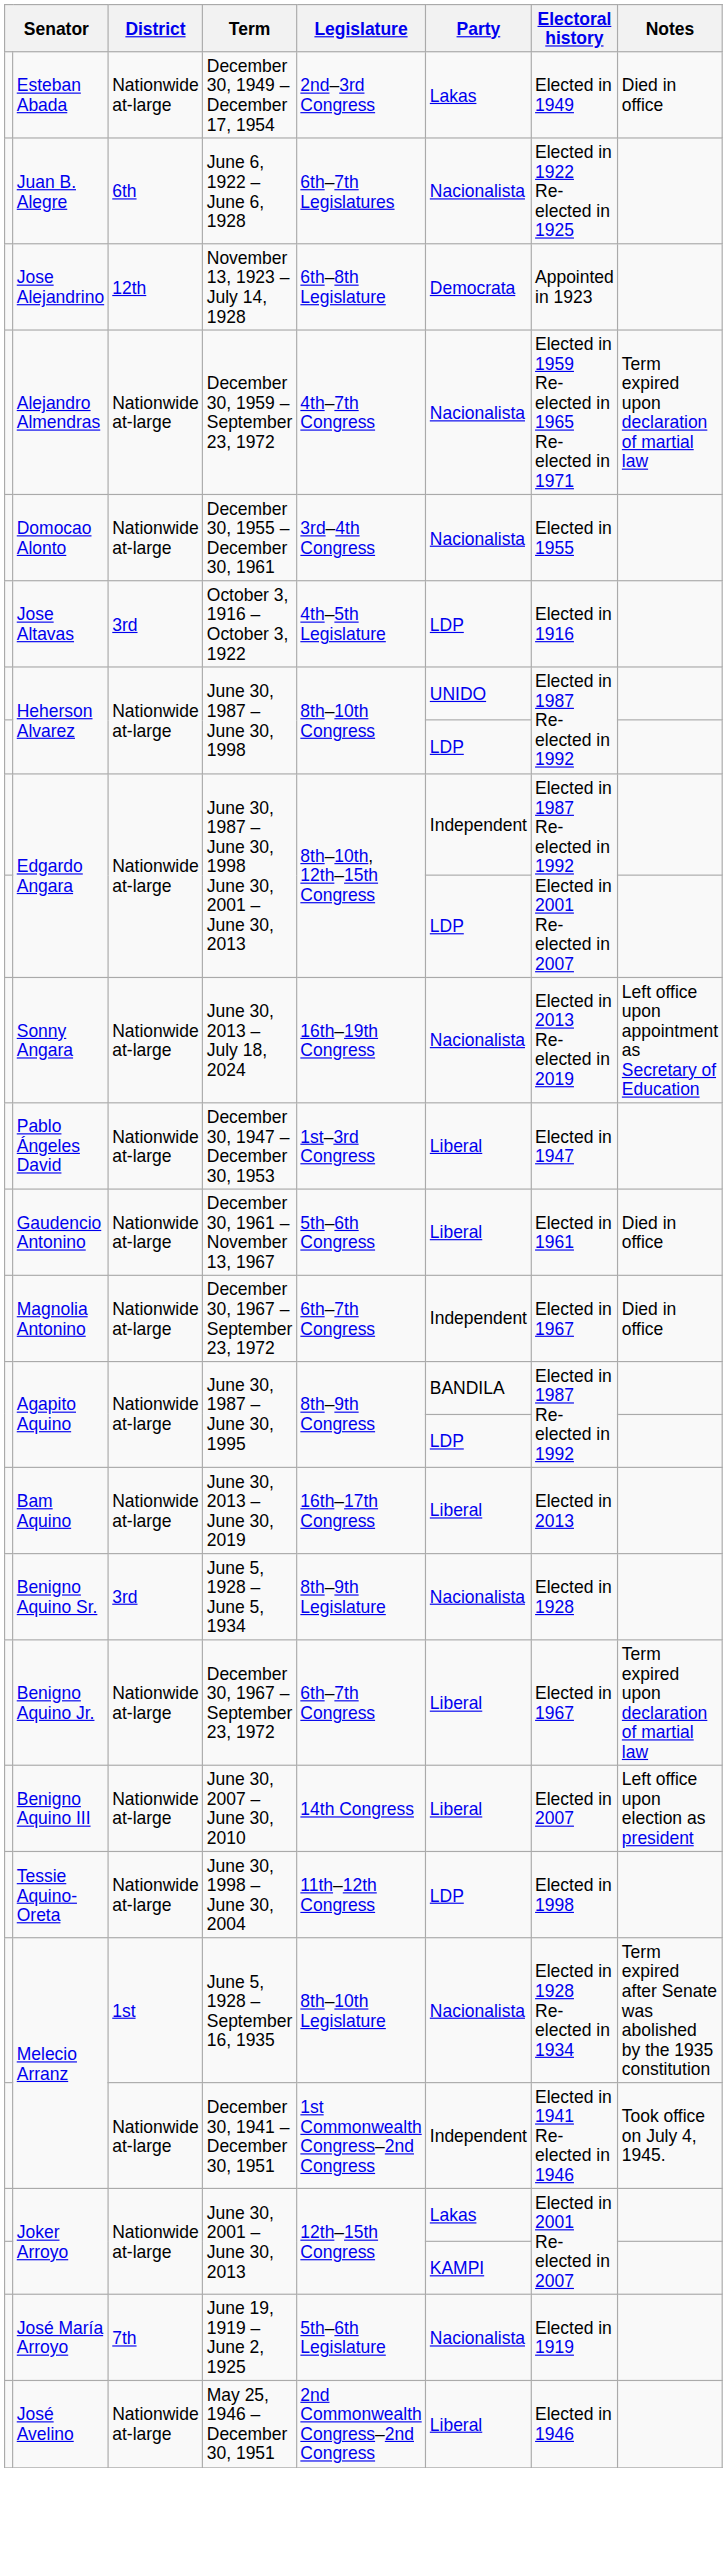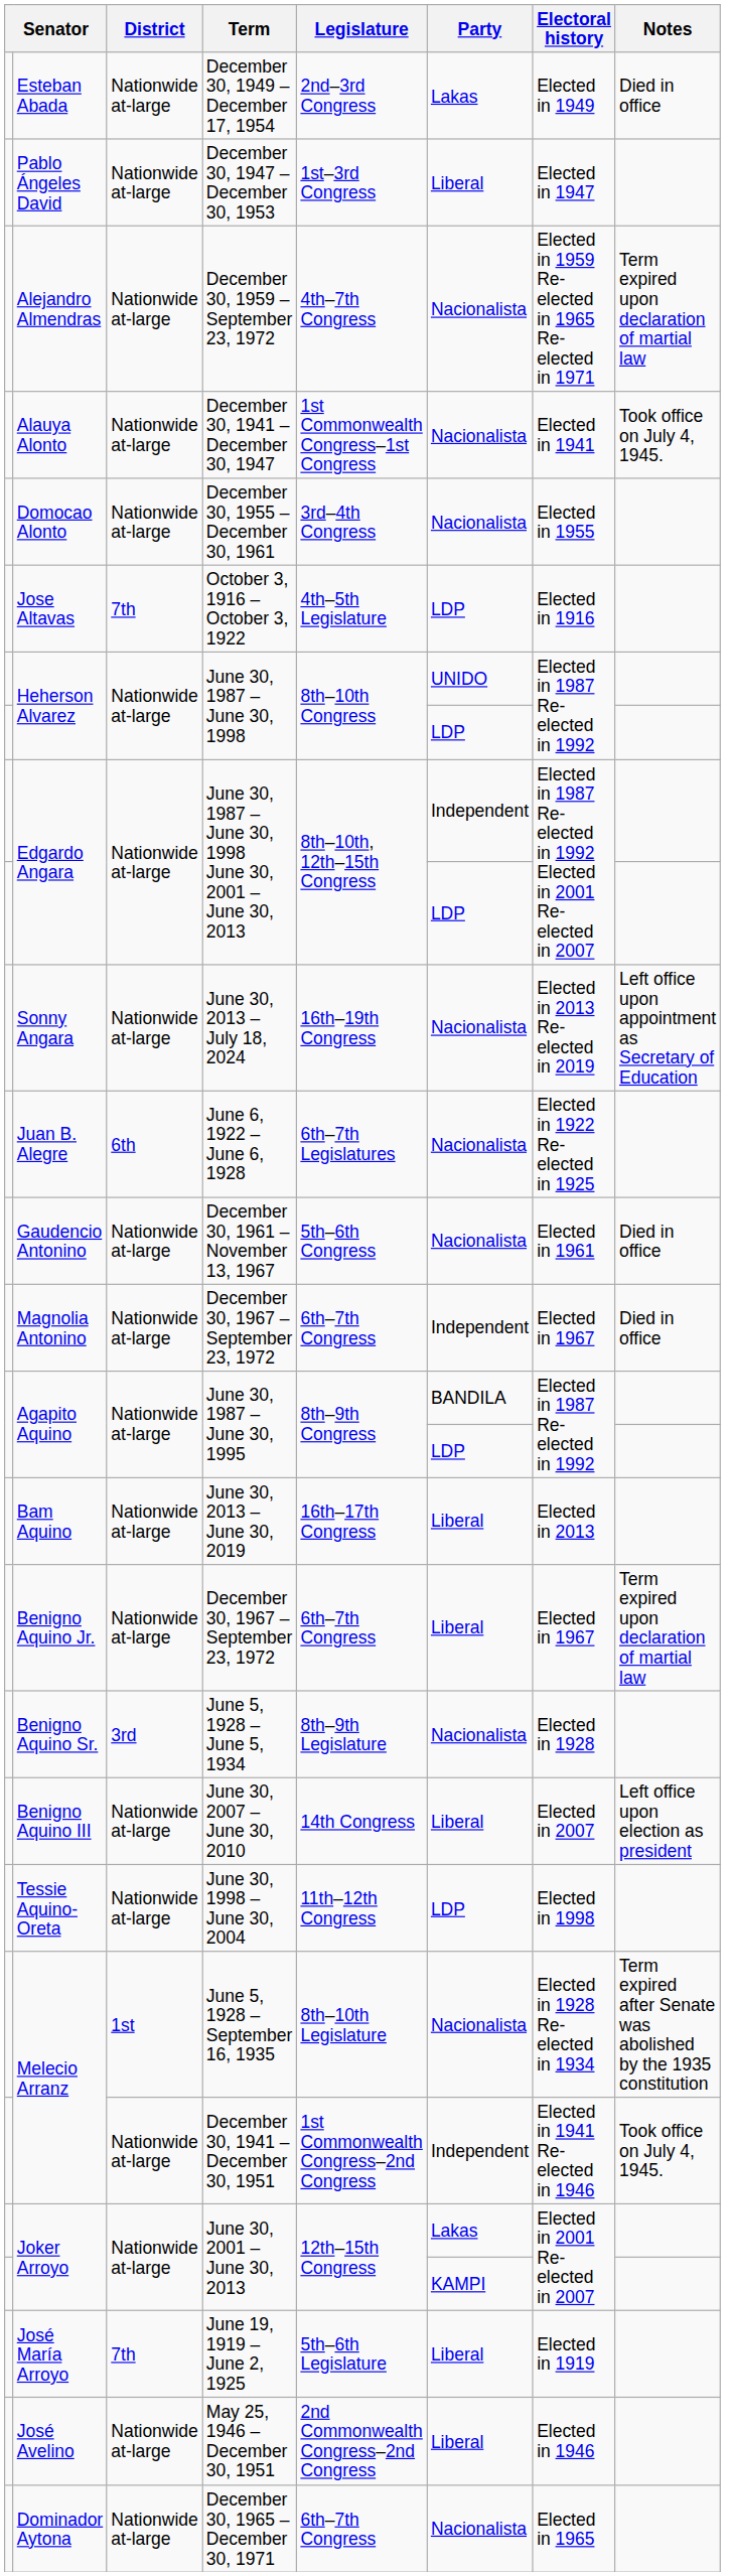 <table class="wikitable" style="font-size:95%" width=99%>
 <tr>
 <th width=15% colspan="2">Senator</th>
 <th width=8%><a href='#'>District</a></th>
 <th width=25%>Term</th>
 <th width=12%><a href='#'>Legislature</a></th>
 <th width=10%><a href='#'>Party</a></th>
 <th width=12.5%><a href='#'>Electoral history</a></th>
 <th width=17.5%>Notes</th>
 </tr>
 <tr>
 <td width=1% style="background-color:"></td>
 <td><a href='#'>Esteban Abada</a></td>
 <td>Nationwide at-large</td>
 <td>December 30, 1949 – December 17, 1954</td>
 <td><a href='#'>2nd</a>–<a href='#'>3rd Congress</a></td>
 <td><a href='#'>Lakas</a></td>
 <td>Elected in <a href='#'>1949</a></td>
 <td>Died in office</td>
 </tr>
 <tr>
-<td style="background-color:"></td>
-<td><a href='#'>Juan B. Alegre</a></td>
-<td><a href='#'>6th</a></td>
-<td>June 6, 1922 – June 6, 1928</td>
-<td><a href='#'>6th</a>–<a href='#'>7th Legislatures</a></td>
-<td><a href='#'>Nacionalista</a></td>
-<td>Elected in <a href='#'>1922</a><br> Re-elected in <a href='#'>1925</a></td>
-<td></td>
-</tr>
-<tr>
-<td style="background-color:"></td>
-<td><a href='#'>Jose Alejandrino</a></td>
-<td><a href='#'>12th</a></td>
-<td>November 13, 1923 – July 14, 1928</td>
-<td><a href='#'>6th</a>–<a href='#'>8th Legislature</a></td>
-<td><a href='#'>Democrata</a></td>
-<td>Appointed in 1923</td>
+<td width=1% style="background-color:"></td>
+<td><a href='#'>Pablo Ángeles David</a></td>
+<td>Nationwide at-large</td>
+<td>December 30, 1947 – December 30, 1953</td>
+<td><a href='#'>1st</a>–<a href='#'>3rd Congress</a></td>
+<td><a href='#'>Liberal</a></td>
+<td>Elected in <a href='#'>1947</a></td>
 <td></td>
 </tr>
 <tr>
 <td style="background-color:"></td>
 <td><a href='#'>Alejandro Almendras</a></td>
 <td>Nationwide at-large</td>
 <td>December 30, 1959 – September 23, 1972</td>
 <td><a href='#'>4th</a>–<a href='#'>7th Congress</a></td>
 <td><a href='#'>Nacionalista</a></td>
 <td>Elected in <a href='#'>1959</a><br>Re-elected in <a href='#'>1965</a><br>Re-elected in <a href='#'>1971</a></td>
 <td>Term expired upon <a href='#'>declaration of martial law</a></td>
 </tr>
 <tr>
 <td style="background-color:"></td>
+<td><a href='#'>Alauya Alonto</a></td>
+<td>Nationwide at-large</td>
+<td>December 30, 1941 – December 30, 1947</td>
+<td><a href='#'>1st Commonwealth Congress</a>–<a href='#'>1st Congress</a></td>
+<td><a href='#'>Nacionalista</a></td>
+<td>Elected in <a href='#'>1941</a></td>
+<td>Took office on July 4, 1945.</td>
+</tr>
+<tr>
+<td style="background-color:"></td>
 <td><a href='#'>Domocao Alonto</a></td>
 <td>Nationwide at-large</td>
 <td>December 30, 1955 – December 30, 1961</td>
 <td><a href='#'>3rd</a>–<a href='#'>4th Congress</a></td>
 <td><a href='#'>Nacionalista</a></td>
 <td>Elected in <a href='#'>1955</a></td>
 <td></td>
 </tr>
 <tr>
 <td style="background-color:"></td>
 <td><a href='#'>Jose Altavas</a></td>
-<td><a href='#'>3rd</a></td>
+<td><a href='#'>7th</a></td>
 <td>October 3, 1916 – October 3, 1922</td>
 <td><a href='#'>4th</a>–<a href='#'>5th Legislature</a></td>
 <td><a href='#'>LDP</a></td>
 <td>Elected in <a href='#'>1916</a></td>
 <td></td>
 </tr>
 <tr>
 <td style="background-color:"></td>
 <td rowspan="2"><a href='#'>Heherson Alvarez</a></td>
 <td rowspan="2">Nationwide at-large</td>
 <td rowspan="2">June 30, 1987 – June 30, 1998</td>
 <td rowspan="2"><a href='#'>8th</a>–<a href='#'>10th Congress</a></td>
 <td><a href='#'>UNIDO</a></td>
 <td rowspan="2">Elected in <a href='#'>1987</a><br>Re-elected in <a href='#'>1992</a></td>
 <td></td>
 </tr>
 <tr>
 <td style="background-color:"></td>
 <td><a href='#'>LDP</a></td>
 <td></td>
 </tr>
 <tr>
 <td style="background-color:"></td>
 <td rowspan="2"><a href='#'>Edgardo Angara</a></td>
 <td rowspan="2">Nationwide at-large</td>
 <td rowspan="2">June 30, 1987 – June 30, 1998<br>June 30, 2001 – June 30, 2013</td>
 <td rowspan="2"><a href='#'>8th</a>–<a href='#'>10th</a>, <a href='#'>12th</a>–<a href='#'>15th Congress</a></td>
 <td>Independent</td>
 <td rowspan="2">Elected in <a href='#'>1987</a><br>Re-elected in <a href='#'>1992</a><br>Elected in <a href='#'>2001</a><br>Re-elected in <a href='#'>2007</a></td>
 <td></td>
 </tr>
 <tr>
 <td style="background-color:"></td>
 <td><a href='#'>LDP</a></td>
 <td></td>
 </tr>
 <tr>
 <td style="background-color:"></td>
 <td><a href='#'>Sonny Angara</a></td>
 <td>Nationwide at-large</td>
 <td>June 30, 2013 – July 18, 2024</td>
 <td><a href='#'>16th</a>–<a href='#'>19th Congress</a></td>
 <td><a href='#'>Nacionalista</a></td>
 <td>Elected in <a href='#'>2013</a><br>Re-elected in <a href='#'>2019</a></td>
 <td>Left office upon appointment as <a href='#'>Secretary of Education</a></td>
 </tr>
 <tr>
-<td width=1% style="background-color:"></td>
-<td><a href='#'>Pablo Ángeles David</a></td>
-<td>Nationwide at-large</td>
-<td>December 30, 1947 – December 30, 1953</td>
-<td><a href='#'>1st</a>–<a href='#'>3rd Congress</a></td>
-<td><a href='#'>Liberal</a></td>
-<td>Elected in <a href='#'>1947</a></td>
+<td style="background-color:"></td>
+<td><a href='#'>Juan B. Alegre</a></td>
+<td><a href='#'>6th</a></td>
+<td>June 6, 1922 – June 6, 1928</td>
+<td><a href='#'>6th</a>–<a href='#'>7th Legislatures</a></td>
+<td><a href='#'>Nacionalista</a></td>
+<td>Elected in <a href='#'>1922</a><br> Re-elected in <a href='#'>1925</a></td>
 <td></td>
 </tr>
 <tr>
 <td style="background-color:"></td>
 <td><a href='#'>Gaudencio Antonino</a></td>
 <td>Nationwide at-large</td>
 <td>December 30, 1961 – November 13, 1967</td>
 <td><a href='#'>5th</a>–<a href='#'>6th Congress</a></td>
-<td><a href='#'>Liberal</a></td>
+<td><a href='#'>Nacionalista</a></td>
 <td>Elected in <a href='#'>1961</a></td>
 <td>Died in office</td>
 </tr>
 <tr>
 <td style="background-color:"></td>
 <td><a href='#'>Magnolia Antonino</a></td>
 <td>Nationwide at-large</td>
 <td>December 30, 1967 – September 23, 1972</td>
 <td><a href='#'>6th</a>–<a href='#'>7th Congress</a></td>
 <td>Independent</td>
 <td>Elected in <a href='#'>1967</a></td>
 <td>Died in office</td>
 </tr>
 <tr>
 <td rowspan="2" style="background-color:"></td>
 <td rowspan="2"><a href='#'>Agapito Aquino</a></td>
 <td rowspan="2">Nationwide at-large</td>
 <td rowspan="2">June 30, 1987 – June 30, 1995</td>
 <td rowspan="2"><a href='#'>8th</a>–<a href='#'>9th Congress</a></td>
 <td>BANDILA</td>
 <td rowspan="2">Elected in <a href='#'>1987</a><br>Re-elected in <a href='#'>1992</a></td>
 <td></td>
 </tr>
 <tr>
 <td><a href='#'>LDP</a></td>
 <td></td>
 </tr>
 <tr>
 <td style="background-color:"></td>
 <td><a href='#'>Bam Aquino</a></td>
 <td>Nationwide at-large</td>
 <td>June 30, 2013 – June 30, 2019</td>
 <td><a href='#'>16th</a>–<a href='#'>17th Congress</a></td>
 <td><a href='#'>Liberal</a></td>
 <td>Elected in <a href='#'>2013</a></td>
 <td></td>
 </tr>
 <tr>
 <td style="background-color:"></td>
+<td><a href='#'>Benigno Aquino Jr.</a></td>
+<td>Nationwide at-large</td>
+<td>December 30, 1967 – September 23, 1972</td>
+<td><a href='#'>6th</a>–<a href='#'>7th Congress</a></td>
+<td><a href='#'>Liberal</a></td>
+<td>Elected in <a href='#'>1967</a></td>
+<td>Term expired upon <a href='#'>declaration of martial law</a></td>
+</tr>
+<tr>
+<td style="background-color:"></td>
 <td><a href='#'>Benigno Aquino Sr.</a></td>
 <td><a href='#'>3rd</a></td>
 <td>June 5, 1928 – June 5, 1934</td>
 <td><a href='#'>8th</a>–<a href='#'>9th Legislature</a></td>
 <td><a href='#'>Nacionalista</a></td>
 <td>Elected in <a href='#'>1928</a></td>
 <td></td>
-</tr>
-<tr>
-<td style="background-color:"></td>
-<td><a href='#'>Benigno Aquino Jr.</a></td>
-<td>Nationwide at-large</td>
-<td>December 30, 1967 – September 23, 1972</td>
-<td><a href='#'>6th</a>–<a href='#'>7th Congress</a></td>
-<td><a href='#'>Liberal</a></td>
-<td>Elected in <a href='#'>1967</a></td>
-<td>Term expired upon <a href='#'>declaration of martial law</a></td>
 </tr>
 <tr>
 <td style="background-color:"></td>
 <td><a href='#'>Benigno Aquino III</a></td>
 <td>Nationwide at-large</td>
 <td>June 30, 2007 – June 30, 2010</td>
 <td><a href='#'>14th Congress</a></td>
 <td><a href='#'>Liberal</a></td>
 <td>Elected in <a href='#'>2007</a></td>
 <td>Left office upon election as <a href='#'>president</a></td>
 </tr>
 <tr>
 <td style="background-color:"></td>
 <td><a href='#'>Tessie Aquino-Oreta</a></td>
 <td>Nationwide at-large</td>
 <td>June 30, 1998 – June 30, 2004</td>
 <td><a href='#'>11th</a>–<a href='#'>12th Congress</a></td>
 <td><a href='#'>LDP</a></td>
 <td>Elected in <a href='#'>1998</a></td>
 <td></td>
 </tr>
 <tr>
 <td style="background-color:"></td>
 <td rowspan="2"><a href='#'>Melecio Arranz</a></td>
 <td><a href='#'>1st</a></td>
 <td>June 5, 1928 – September 16, 1935</td>
 <td><a href='#'>8th</a>–<a href='#'>10th Legislature</a></td>
 <td><a href='#'>Nacionalista</a></td>
 <td>Elected in <a href='#'>1928</a><br>Re-elected in <a href='#'>1934</a></td>
 <td>Term expired after Senate was abolished by the 1935 constitution</td>
 </tr>
 <tr>
 <td style="background-color:"></td>
 <td>Nationwide at-large</td>
 <td>December 30, 1941 – December 30, 1951</td>
 <td><a href='#'>1st Commonwealth Congress</a>–<a href='#'>2nd Congress</a></td>
 <td>Independent</td>
 <td>Elected in <a href='#'>1941</a><br>Re-elected in <a href='#'>1946</a></td>
 <td>Took office on July 4, 1945.</td>
 </tr>
 <tr>
 <td style="background-color:"></td>
 <td rowspan="2"><a href='#'>Joker Arroyo</a></td>
 <td rowspan="2">Nationwide at-large</td>
 <td rowspan="2">June 30, 2001 – June 30, 2013</td>
 <td rowspan="2"><a href='#'>12th</a>–<a href='#'>15th Congress</a></td>
 <td><a href='#'>Lakas</a></td>
 <td rowspan="2">Elected in <a href='#'>2001</a><br>Re-elected in <a href='#'>2007</a></td>
 <td></td>
 </tr>
 <tr>
 <td style="background-color:"></td>
 <td><a href='#'>KAMPI</a></td>
 <td></td>
 </tr>
 <tr>
 <td style="background-color:"></td>
 <td><a href='#'>José María Arroyo</a></td>
 <td><a href='#'>7th</a></td>
 <td>June 19, 1919 – June 2, 1925</td>
 <td><a href='#'>5th</a>–<a href='#'>6th Legislature</a></td>
-<td><a href='#'>Nacionalista</a></td>
+<td><a href='#'>Liberal</a></td>
 <td>Elected in <a href='#'>1919</a></td>
 <td></td>
 </tr>
 <tr>
 <td style="background-color:"></td>
 <td><a href='#'>José Avelino</a></td>
 <td>Nationwide at-large</td>
 <td>May 25, 1946 – December 30, 1951</td>
 <td><a href='#'>2nd Commonwealth Congress</a>–<a href='#'>2nd Congress</a></td>
 <td><a href='#'>Liberal</a></td>
 <td>Elected in <a href='#'>1946</a></td>
 <td></td>
 </tr>
+<tr>
+<td style="background-color:"></td>
+<td><a href='#'>Dominador Aytona</a></td>
+<td>Nationwide at-large</td>
+<td>December 30, 1965 – December 30, 1971</td>
+<td><a href='#'>6th</a>–<a href='#'>7th Congress</a></td>
+<td><a href='#'>Nacionalista</a></td>
+<td>Elected in <a href='#'>1965</a></td>
+<td></td>
+</tr>
 </table>
